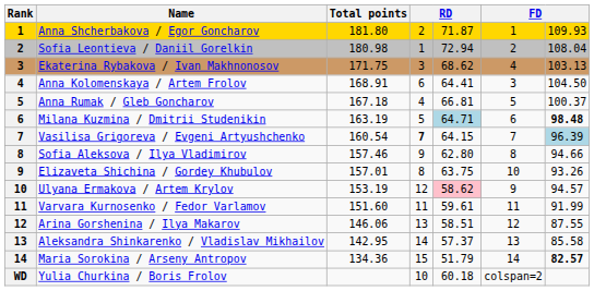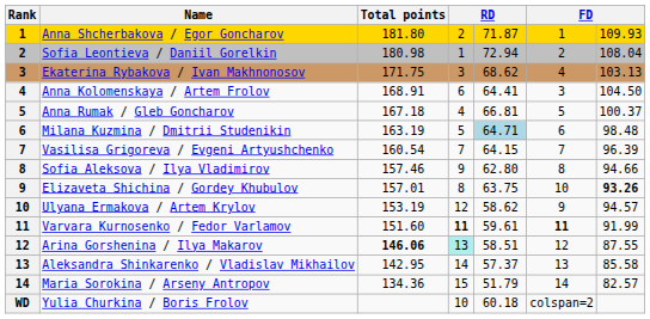 <table class="wikitable sortable">
 <tr>
 <th>Rank</th>
 <th>Name</th>
 <th>Total points</th>
 <th colspan="2" width="80px"><a href='#'>RD</a></th>
 <th colspan="2" width="80px"><a href='#'>FD</a></th>
 </tr>
 <tr bgcolor="gold">
 <td align="center"><strong>1</strong></td>
 <td><a href='#'>Anna Shcherbakova</a> / <a href='#'>Egor Goncharov</a></td>
 <td align="center">181.80</td>
 <td align="center">2</td>
 <td align="center">71.87</td>
 <td align="center">1</td>
 <td align="center">109.93</td>
 </tr>
 <tr bgcolor="silver">
 <td align="center"><strong>2</strong></td>
 <td><a href='#'>Sofia Leontieva</a> / <a href='#'>Daniil Gorelkin</a></td>
 <td align="center">180.98</td>
 <td align="center">1</td>
 <td align="center">72.94</td>
 <td align="center">2</td>
 <td align="center">108.04</td>
 </tr>
 <tr bgcolor="cc9966">
 <td align="center"><strong>3</strong></td>
 <td><a href='#'>Ekaterina Rybakova</a> / <a href='#'>Ivan Makhnonosov</a></td>
 <td align="center">171.75</td>
 <td align="center">3</td>
 <td align="center">68.62</td>
 <td align="center">4</td>
 <td align="center">103.13</td>
 </tr>
 <tr>
 <th>4</th>
 <td><a href='#'>Anna Kolomenskaya</a> / <a href='#'>Artem Frolov</a></td>
 <td align="center">168.91</td>
 <td align="center">6</td>
 <td align="center">64.41</td>
 <td align="center">3</td>
 <td align="center">104.50</td>
 </tr>
 <tr>
 <th>5</th>
 <td><a href='#'>Anna Rumak</a> / <a href='#'>Gleb Goncharov</a></td>
 <td align="center">167.18</td>
 <td align="center">4</td>
 <td align="center">66.81</td>
 <td align="center">5</td>
 <td align="center">100.37</td>
 </tr>
 <tr>
 <th>6</th>
 <td><a href='#'>Milana Kuzmina</a> / <a href='#'>Dmitrii Studenikin</a></td>
 <td align="center">163.19</td>
 <td align="center">5</td>
 <td align="center" style="background: lightblue;">64.71</td>
 <td align="center">6</td>
-<td align="center"><strong>98.48</strong></td>
+<td align="center">98.48</td>
 </tr>
 <tr>
 <th>7</th>
 <td><a href='#'>Vasilisa Grigoreva</a> / <a href='#'>Evgeni Artyushchenko</a></td>
 <td align="center">160.54</td>
-<td align="center"><strong>7</strong></td>
+<td align="center">7</td>
 <td align="center">64.15</td>
 <td align="center">7</td>
-<td align="center" style="background: lightblue;">96.39</td>
+<td align="center">96.39</td>
 </tr>
 <tr>
 <th>8</th>
 <td><a href='#'>Sofia Aleksova</a> / <a href='#'>Ilya Vladimirov</a></td>
 <td align="center">157.46</td>
 <td align="center">9</td>
 <td align="center">62.80</td>
 <td align="center">8</td>
 <td align="center">94.66</td>
 </tr>
 <tr>
 <th>9</th>
 <td><a href='#'>Elizaveta Shichina</a> / <a href='#'>Gordey Khubulov</a></td>
 <td align="center">157.01</td>
 <td align="center">8</td>
 <td align="center">63.75</td>
 <td align="center">10</td>
-<td align="center">93.26</td>
+<td align="center"><strong>93.26</strong></td>
 </tr>
 <tr>
 <th>10</th>
 <td><a href='#'>Ulyana Ermakova</a> / <a href='#'>Artem Krylov</a></td>
 <td align="center">153.19</td>
 <td align="center">12</td>
-<td align="center" style="background: pink;">58.62</td>
+<td align="center">58.62</td>
 <td align="center">9</td>
 <td align="center">94.57</td>
 </tr>
 <tr>
 <th>11</th>
 <td><a href='#'>Varvara Kurnosenko</a> / <a href='#'>Fedor Varlamov</a></td>
 <td align="center">151.60</td>
-<td align="center">11</td>
+<td align="center"><strong>11</strong></td>
 <td align="center">59.61</td>
-<td align="center">11</td>
+<td align="center"><strong>11</strong></td>
 <td align="center">91.99</td>
 </tr>
 <tr>
 <th>12</th>
 <td><a href='#'>Arina Gorshenina</a> / <a href='#'>Ilya Makarov</a></td>
-<td align="center">146.06</td>
-<td align="center">13</td>
+<td align="center"><strong>146.06</strong></td>
+<td align="center" style="background: paleturquoise;">13</td>
 <td align="center">58.51</td>
 <td align="center">12</td>
 <td align="center">87.55</td>
 </tr>
 <tr>
 <th>13</th>
 <td><a href='#'>Aleksandra Shinkarenko</a> / <a href='#'>Vladislav Mikhailov</a></td>
 <td align="center">142.95</td>
 <td align="center">14</td>
 <td align="center">57.37</td>
 <td align="center">13</td>
 <td align="center">85.58</td>
 </tr>
 <tr>
 <th>14</th>
 <td><a href='#'>Maria Sorokina</a> / <a href='#'>Arseny Antropov</a></td>
 <td align="center">134.36</td>
 <td align="center">15</td>
 <td align="center">51.79</td>
 <td align="center">14</td>
-<td align="center"><strong>82.57</strong></td>
+<td align="center">82.57</td>
 </tr>
 <tr>
 <th>WD</th>
 <td><a href='#'>Yulia Churkina</a> / <a href='#'>Boris Frolov</a></td>
 <td></td>
 <td align="center">10</td>
 <td align="center">60.18</td>
 <td>colspan=2 </td>
 </tr>
 </table>
